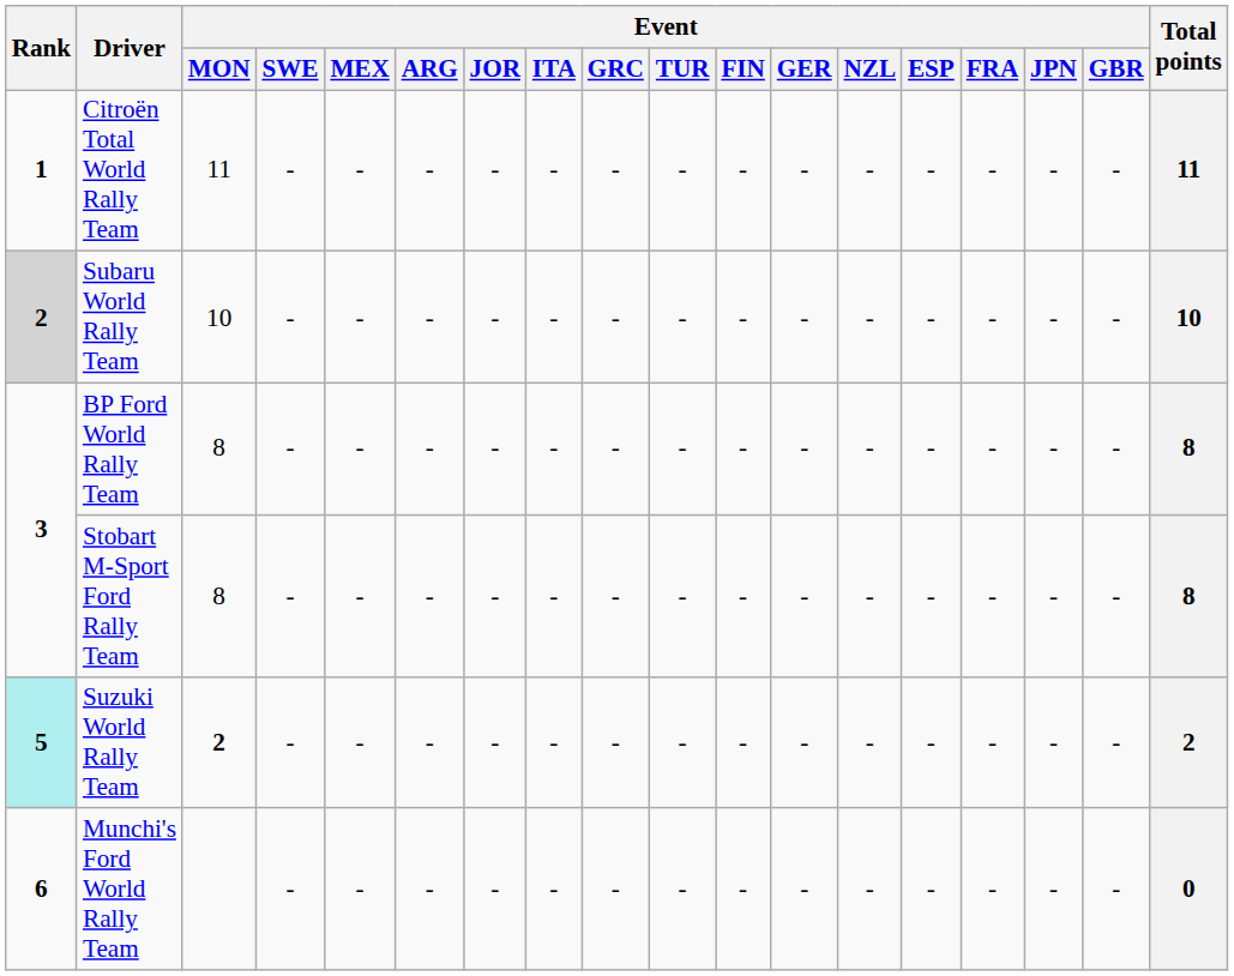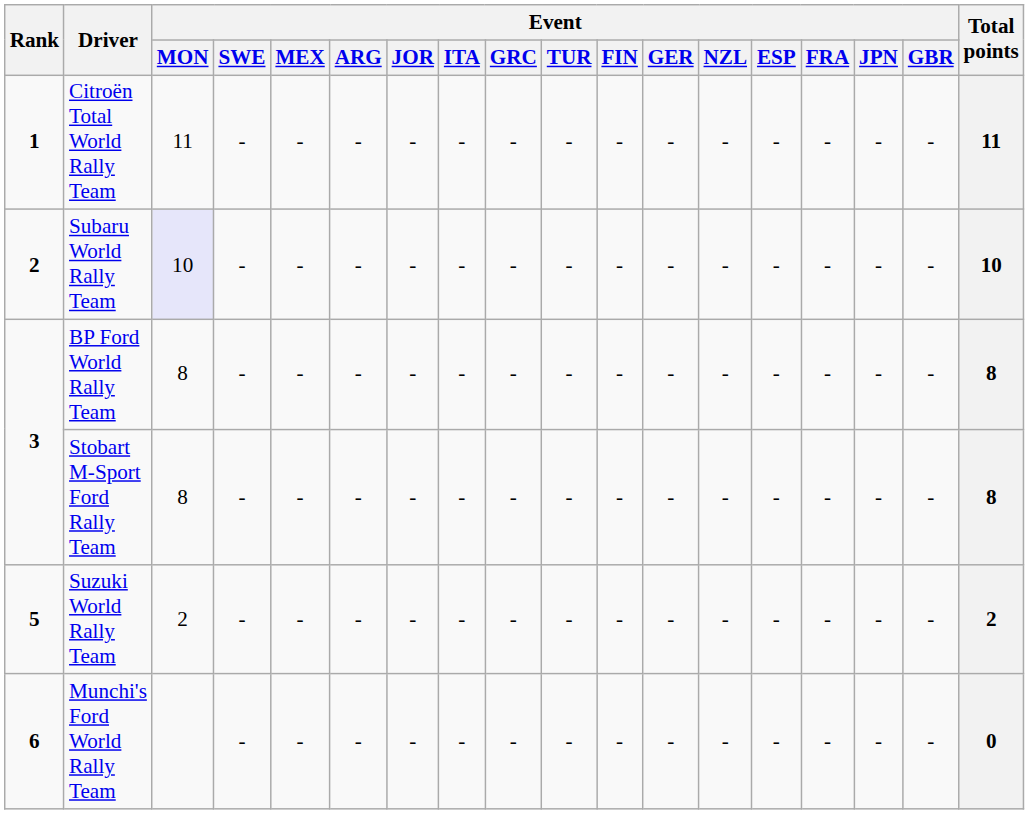 <table class="wikitable" style="text-align:center; font-size:90%;">
 <tr>
 <th rowspan=2>Rank</th>
 <th rowspan=2 style="width:16em">Driver</th>
 <th colspan=15>Event</th>
 <th rowspan=2>Total<br>points</th>
 </tr>
 <tr valign="top">
 <th><a href='#'>MON</a><br></th>
 <th><a href='#'>SWE</a><br></th>
 <th><a href='#'>MEX</a><br></th>
 <th><a href='#'>ARG</a><br></th>
 <th><a href='#'>JOR</a><br></th>
 <th><a href='#'>ITA</a><br></th>
 <th><a href='#'>GRC</a><br></th>
 <th><a href='#'>TUR</a><br></th>
 <th><a href='#'>FIN</a><br></th>
 <th><a href='#'>GER</a><br></th>
 <th><a href='#'>NZL</a><br></th>
 <th><a href='#'>ESP</a><br></th>
 <th><a href='#'>FRA</a><br></th>
 <th><a href='#'>JPN</a><br></th>
 <th><a href='#'>GBR</a><br></th>
 </tr>
 <tr>
 <td><strong>1</strong></td>
 <td align="left"> <a href='#'>Citroën Total World Rally Team</a></td>
 <td>11</td>
 <td>-</td>
 <td>-</td>
 <td>-</td>
 <td>-</td>
 <td>-</td>
 <td>-</td>
 <td>-</td>
 <td>-</td>
 <td>-</td>
 <td>-</td>
 <td>-</td>
 <td>-</td>
 <td>-</td>
 <td>-</td>
 <th>11</th>
 </tr>
 <tr>
-<td style="background: lightgrey;"><strong>2</strong></td>
+<td><strong>2</strong></td>
 <td align="left"> <a href='#'>Subaru World Rally Team</a></td>
-<td>10</td>
+<td style="background: lavender;">10</td>
 <td>-</td>
 <td>-</td>
 <td>-</td>
 <td>-</td>
 <td>-</td>
 <td>-</td>
 <td>-</td>
 <td>-</td>
 <td>-</td>
 <td>-</td>
 <td>-</td>
 <td>-</td>
 <td>-</td>
 <td>-</td>
 <th>10</th>
 </tr>
 <tr>
 <td rowspan="2"><strong>3</strong></td>
 <td align="left"> <a href='#'>BP Ford World Rally Team</a></td>
 <td>8</td>
 <td>-</td>
 <td>-</td>
 <td>-</td>
 <td>-</td>
 <td>-</td>
 <td>-</td>
 <td>-</td>
 <td>-</td>
 <td>-</td>
 <td>-</td>
 <td>-</td>
 <td>-</td>
 <td>-</td>
 <td>-</td>
 <th>8</th>
 </tr>
 <tr>
 <td align="left"> <a href='#'>Stobart M-Sport Ford Rally Team</a></td>
 <td>8</td>
 <td>-</td>
 <td>-</td>
 <td>-</td>
 <td>-</td>
 <td>-</td>
 <td>-</td>
 <td>-</td>
 <td>-</td>
 <td>-</td>
 <td>-</td>
 <td>-</td>
 <td>-</td>
 <td>-</td>
 <td>-</td>
 <th>8</th>
 </tr>
 <tr>
-<td style="background: paleturquoise;"><strong>5</strong></td>
+<td><strong>5</strong></td>
 <td align="left"> <a href='#'>Suzuki World Rally Team</a></td>
-<td><strong>2</strong></td>
+<td>2</td>
 <td>-</td>
 <td>-</td>
 <td>-</td>
 <td>-</td>
 <td>-</td>
 <td>-</td>
 <td>-</td>
 <td>-</td>
 <td>-</td>
 <td>-</td>
 <td>-</td>
 <td>-</td>
 <td>-</td>
 <td>-</td>
 <th>2</th>
 </tr>
 <tr>
 <td><strong>6</strong></td>
 <td align="left"> <a href='#'>Munchi's Ford World Rally Team</a></td>
 <td></td>
 <td>-</td>
 <td>-</td>
 <td>-</td>
 <td>-</td>
 <td>-</td>
 <td>-</td>
 <td>-</td>
 <td>-</td>
 <td>-</td>
 <td>-</td>
 <td>-</td>
 <td>-</td>
 <td>-</td>
 <td>-</td>
 <th>0</th>
 </tr>
 </table>
